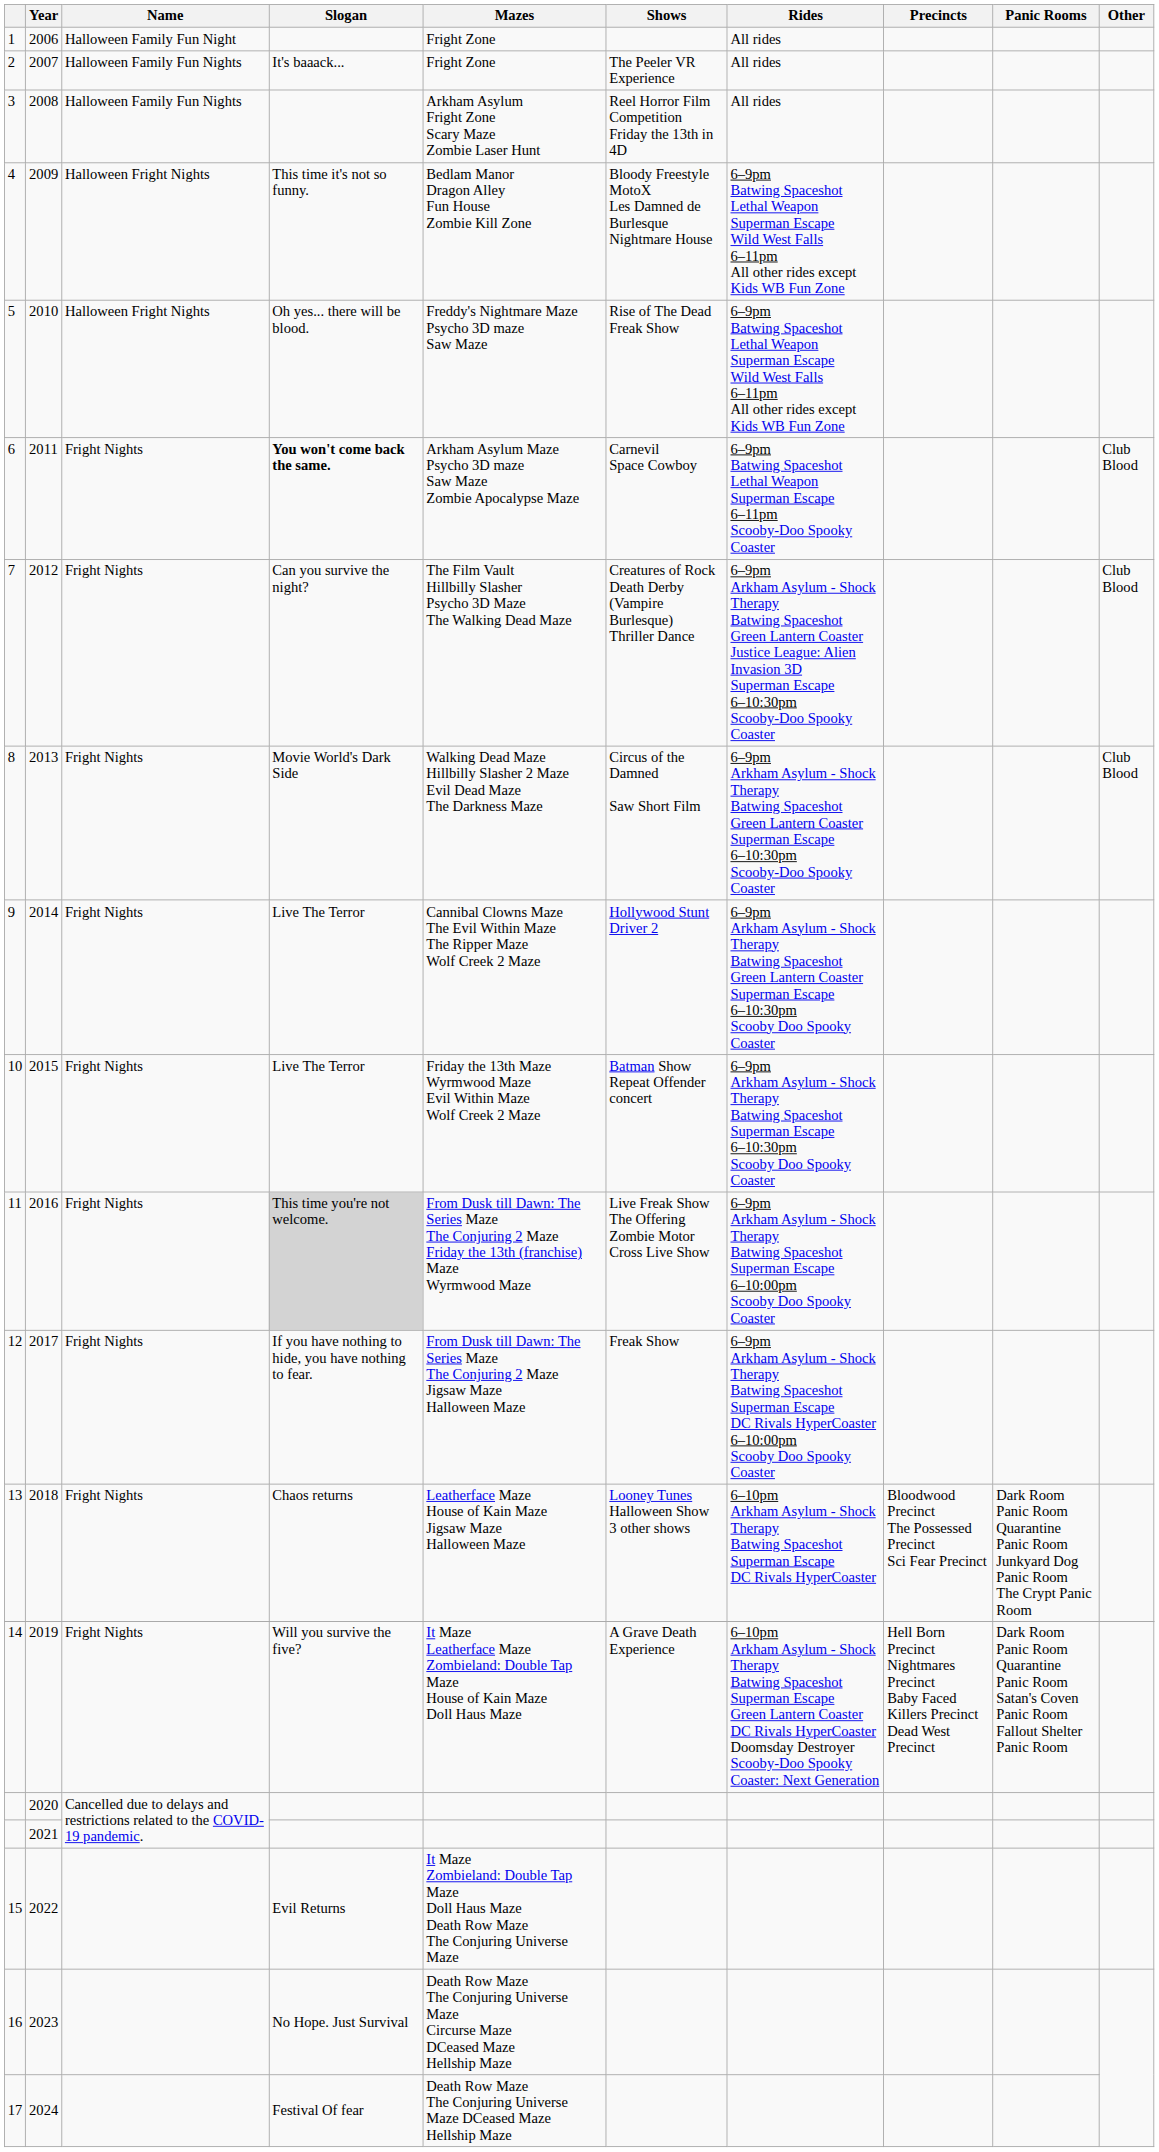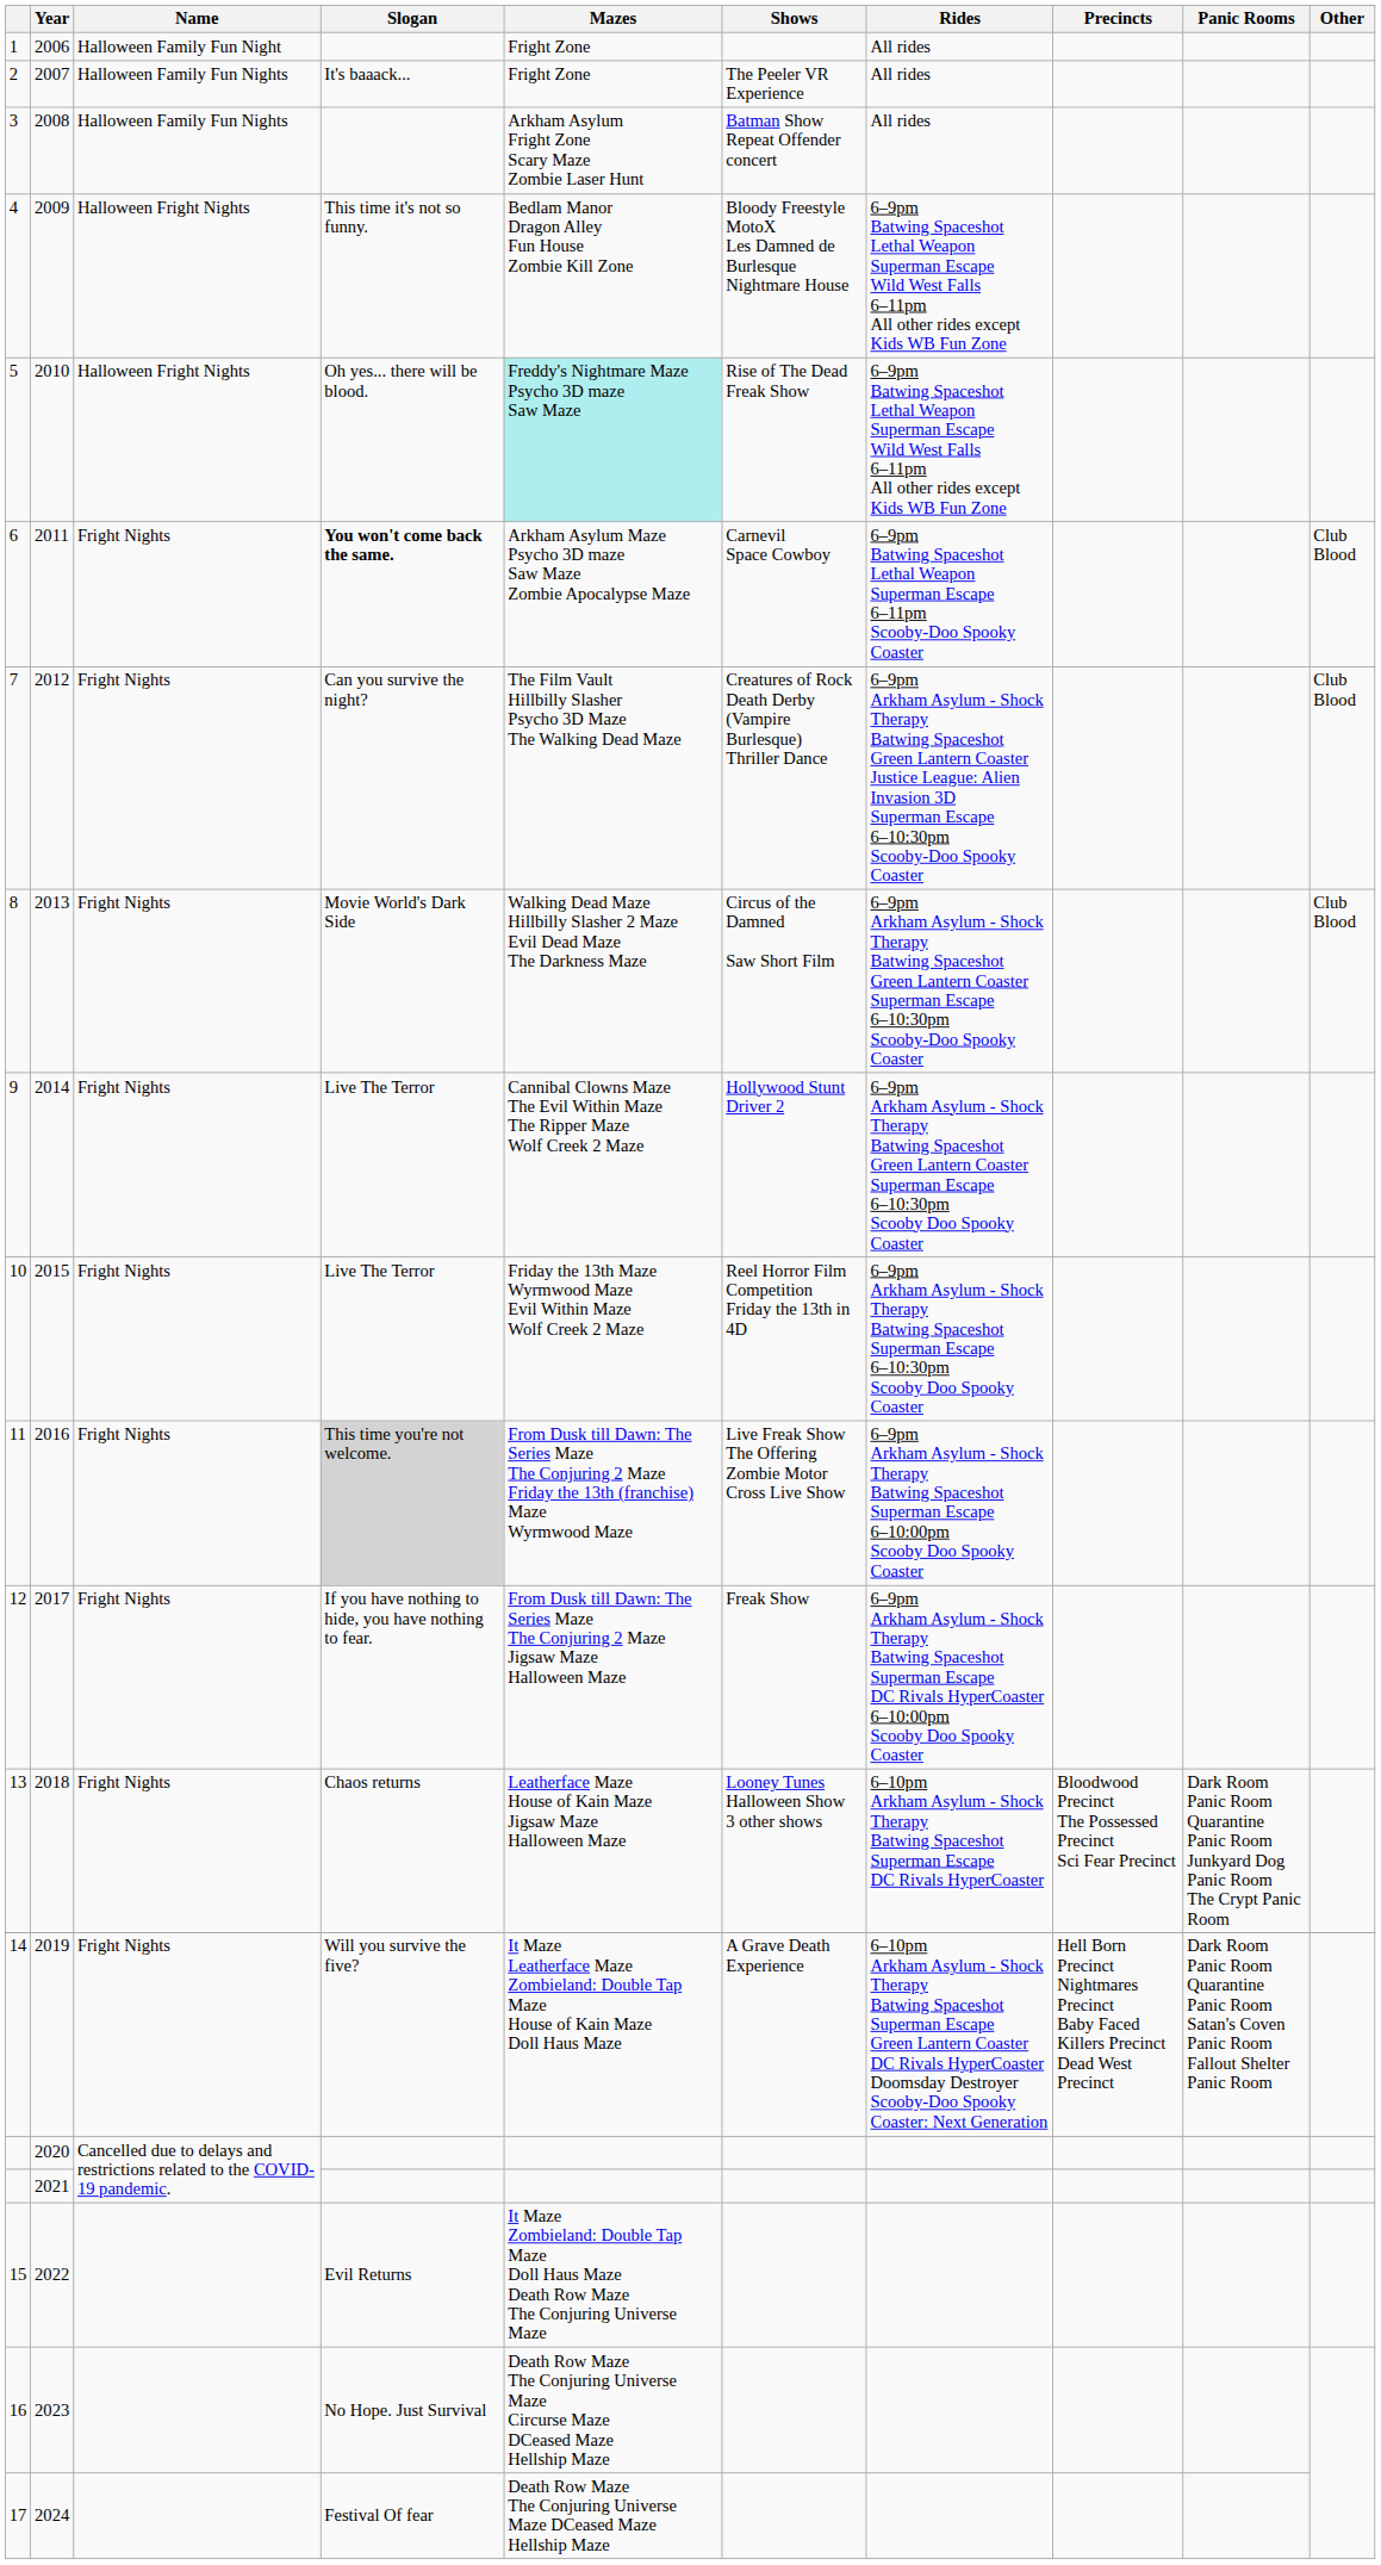 <table class="wikitable" style="width:100%;">
 <tr valign="top">
 <th></th>
 <th>Year</th>
 <th>Name</th>
 <th>Slogan</th>
 <th>Mazes</th>
 <th>Shows</th>
 <th>Rides</th>
 <th>Precincts</th>
 <th>Panic Rooms</th>
 <th>Other</th>
 </tr>
 <tr valign="top">
 <td>1</td>
 <td>2006</td>
 <td>Halloween Family Fun Night</td>
 <td></td>
 <td>Fright Zone</td>
 <td></td>
 <td>All rides</td>
 <td></td>
 <td></td>
 <td></td>
 </tr>
 <tr valign="top">
 <td>2</td>
 <td>2007</td>
 <td>Halloween Family Fun Nights</td>
 <td>It's baaack...</td>
 <td>Fright Zone</td>
 <td>The Peeler VR Experience</td>
 <td>All rides</td>
 <td></td>
 <td></td>
 <td></td>
 </tr>
 <tr valign="top">
 <td>3</td>
 <td>2008</td>
 <td>Halloween Family Fun Nights</td>
 <td></td>
 <td>Arkham Asylum<br>Fright Zone<br>Scary Maze<br>Zombie Laser Hunt</td>
-<td>Reel Horror Film Competition<br>Friday the 13th in 4D</td>
+<td><a href='#'>Batman</a> Show<br>Repeat Offender concert</td>
 <td>All rides</td>
 <td></td>
 <td></td>
 <td></td>
 </tr>
 <tr valign="top">
 <td>4</td>
 <td>2009</td>
 <td>Halloween Fright Nights</td>
 <td>This time it's not so funny.</td>
 <td>Bedlam Manor<br>Dragon Alley<br>Fun House<br>Zombie Kill Zone</td>
 <td>Bloody Freestyle MotoX<br>Les Damned de Burlesque<br>Nightmare House</td>
 <td><u>6–9pm</u><br><a href='#'>Batwing Spaceshot</a><br><a href='#'>Lethal Weapon</a><br><a href='#'>Superman Escape</a><br><a href='#'>Wild West Falls</a><br><u>6–11pm</u><br>All other rides except <a href='#'>Kids WB Fun Zone</a></td>
 <td></td>
 <td></td>
 <td></td>
 </tr>
 <tr valign="top">
 <td>5</td>
 <td>2010</td>
 <td>Halloween Fright Nights</td>
 <td>Oh yes... there will be blood.</td>
-<td>Freddy's Nightmare Maze<br>Psycho 3D maze<br>Saw Maze</td>
+<td style="background: paleturquoise;">Freddy's Nightmare Maze<br>Psycho 3D maze<br>Saw Maze</td>
 <td>Rise of The Dead<br>Freak Show</td>
 <td><u>6–9pm</u><br><a href='#'>Batwing Spaceshot</a><br><a href='#'>Lethal Weapon</a><br><a href='#'>Superman Escape</a><br><a href='#'>Wild West Falls</a><br><u>6–11pm</u><br>All other rides except <a href='#'>Kids WB Fun Zone</a></td>
 <td></td>
 <td></td>
 <td></td>
 </tr>
 <tr valign="top">
 <td>6</td>
 <td>2011</td>
 <td>Fright Nights</td>
 <td><strong>You won't come back the same.</strong></td>
 <td>Arkham Asylum Maze<br>Psycho 3D maze<br>Saw Maze<br>Zombie Apocalypse Maze</td>
 <td>Carnevil<br>Space Cowboy</td>
 <td><u>6–9pm</u><br><a href='#'>Batwing Spaceshot</a><br><a href='#'>Lethal Weapon</a><br><a href='#'>Superman Escape</a><br><u>6–11pm</u><br><a href='#'>Scooby-Doo Spooky Coaster</a></td>
 <td></td>
 <td></td>
 <td>Club Blood</td>
 </tr>
 <tr valign="top">
 <td>7</td>
 <td>2012</td>
 <td>Fright Nights</td>
 <td>Can you survive the night?</td>
 <td>The Film Vault<br>Hillbilly Slasher<br>Psycho 3D Maze<br>The Walking Dead Maze</td>
 <td>Creatures of Rock<br>Death Derby<br> (Vampire Burlesque)<br>Thriller Dance</td>
 <td><u>6–9pm</u><br><a href='#'>Arkham Asylum - Shock Therapy</a><br><a href='#'>Batwing Spaceshot</a><br><a href='#'>Green Lantern Coaster</a><br><a href='#'>Justice League: Alien Invasion 3D</a><br><a href='#'>Superman Escape</a><br><u>6–10:30pm</u><br><a href='#'>Scooby-Doo Spooky Coaster</a></td>
 <td></td>
 <td></td>
 <td>Club Blood</td>
 </tr>
 <tr valign="top">
 <td>8</td>
 <td>2013</td>
 <td>Fright Nights</td>
 <td>Movie World's Dark Side</td>
 <td>Walking Dead Maze<br>Hillbilly Slasher 2 Maze<br>Evil Dead Maze<br>The Darkness Maze</td>
 <td>Circus of the Damned<br><br>Saw Short Film</td>
 <td><u>6–9pm</u><br><a href='#'>Arkham Asylum - Shock Therapy</a><br><a href='#'>Batwing Spaceshot</a><br><a href='#'>Green Lantern Coaster</a><br><a href='#'>Superman Escape</a><br><u>6–10:30pm</u><br><a href='#'>Scooby-Doo Spooky Coaster</a></td>
 <td></td>
 <td></td>
 <td>Club Blood</td>
 </tr>
 <tr valign="top">
 <td>9</td>
 <td>2014</td>
 <td>Fright Nights</td>
 <td>Live The Terror</td>
 <td>Cannibal Clowns Maze<br>The Evil Within Maze<br>The Ripper Maze<br>Wolf Creek 2 Maze</td>
 <td><a href='#'>Hollywood Stunt Driver 2</a></td>
 <td><u>6–9pm</u><br><a href='#'>Arkham Asylum - Shock Therapy</a><br><a href='#'>Batwing Spaceshot</a><br><a href='#'>Green Lantern Coaster</a><br><a href='#'>Superman Escape</a><br><u>6–10:30pm</u><br><a href='#'>Scooby Doo Spooky Coaster</a></td>
 <td></td>
 <td></td>
 <td></td>
 </tr>
 <tr valign="top">
 <td>10</td>
 <td>2015</td>
 <td>Fright Nights</td>
 <td>Live The Terror</td>
 <td>Friday the 13th Maze<br>Wyrmwood Maze<br>Evil Within Maze<br>Wolf Creek 2 Maze</td>
-<td><a href='#'>Batman</a> Show<br>Repeat Offender concert</td>
+<td>Reel Horror Film Competition<br>Friday the 13th in 4D</td>
 <td><u>6–9pm</u><br><a href='#'>Arkham Asylum - Shock Therapy</a><br><a href='#'>Batwing Spaceshot</a><br><a href='#'>Superman Escape</a><br><u>6–10:30pm</u><br><a href='#'>Scooby Doo Spooky Coaster</a></td>
 <td></td>
 <td></td>
 <td></td>
 </tr>
 <tr valign="top">
 <td>11</td>
 <td>2016</td>
 <td>Fright Nights</td>
 <td style="background: lightgrey;">This time you're not welcome.</td>
 <td><a href='#'>From Dusk till Dawn: The Series</a> Maze<br><a href='#'>The Conjuring 2</a> Maze<br> <a href='#'>Friday the 13th (franchise)</a> Maze<br> Wyrmwood Maze</td>
 <td>Live Freak Show<br>The Offering<br>Zombie Motor Cross Live Show</td>
 <td><u>6–9pm</u><br><a href='#'>Arkham Asylum - Shock Therapy</a><br><a href='#'>Batwing Spaceshot</a><br><a href='#'>Superman Escape</a><br><u>6–10:00pm</u><br><a href='#'>Scooby Doo Spooky Coaster</a></td>
 <td></td>
 <td></td>
 <td></td>
 </tr>
 <tr valign="top">
 <td>12</td>
 <td>2017</td>
 <td>Fright Nights</td>
 <td>If you have nothing to hide, you have nothing to fear.</td>
 <td><a href='#'>From Dusk till Dawn: The Series</a> Maze<br><a href='#'>The Conjuring 2</a> Maze<br>Jigsaw Maze<br> Halloween Maze</td>
 <td>Freak Show</td>
 <td><u>6–9pm</u><br><a href='#'>Arkham Asylum - Shock Therapy</a><br><a href='#'>Batwing Spaceshot</a><br><a href='#'>Superman Escape</a><br><a href='#'>DC Rivals HyperCoaster</a><br><u>6–10:00pm</u><br><a href='#'>Scooby Doo Spooky Coaster</a></td>
 <td></td>
 <td></td>
 <td></td>
 </tr>
 <tr valign="top">
 <td>13</td>
 <td>2018</td>
 <td>Fright Nights</td>
 <td>Chaos returns</td>
 <td><a href='#'>Leatherface</a> Maze<br> House of Kain Maze<br> Jigsaw Maze<br> Halloween Maze</td>
 <td><a href='#'>Looney Tunes</a> Halloween Show<br>3 other shows</td>
 <td><u>6–10pm</u><br><a href='#'>Arkham Asylum - Shock Therapy</a><br><a href='#'>Batwing Spaceshot</a><br><a href='#'>Superman Escape</a><br><a href='#'>DC Rivals HyperCoaster</a></td>
 <td>Bloodwood Precinct<br>The Possessed Precinct<br>Sci Fear Precinct<br></td>
 <td>Dark Room Panic Room<br>Quarantine Panic Room<br>Junkyard Dog Panic Room<br>The Crypt Panic Room</td>
 <td></td>
 </tr>
 <tr>
 </tr>
 <tr valign="top">
 <td>14</td>
 <td>2019</td>
 <td>Fright Nights</td>
 <td>Will you survive the five?</td>
 <td><a href='#'>It</a> Maze<br> <a href='#'>Leatherface</a> Maze<br> <a href='#'>Zombieland: Double Tap</a> Maze<br> House of Kain Maze<br> Doll Haus Maze</td>
 <td>A Grave Death Experience</td>
 <td><u>6–10pm</u><br><a href='#'>Arkham Asylum - Shock Therapy</a><br><a href='#'>Batwing Spaceshot</a><br><a href='#'>Superman Escape</a><br><a href='#'>Green Lantern Coaster</a><br><a href='#'>DC Rivals HyperCoaster</a><br>Doomsday Destroyer<br><a href='#'>Scooby-Doo Spooky Coaster: Next Generation</a></td>
 <td>Hell Born Precinct<br>Nightmares Precinct<br>Baby Faced Killers Precinct<br>Dead West Precinct</td>
 <td>Dark Room Panic Room<br>Quarantine Panic Room<br>Satan's Coven Panic Room<br>Fallout Shelter Panic Room</td>
 <td></td>
 </tr>
 <tr>
 <td></td>
 <td>2020</td>
 <td rowspan="2">Cancelled due to delays and restrictions related to the <a href='#'>COVID-19 pandemic</a>.</td>
 <td></td>
 <td></td>
 <td></td>
 <td></td>
 <td></td>
 <td></td>
 <td></td>
 </tr>
 <tr>
 <td></td>
 <td>2021</td>
 <td></td>
 <td></td>
 <td></td>
 <td></td>
 <td></td>
 <td></td>
 <td></td>
 </tr>
 <tr>
 <td>15</td>
 <td>2022</td>
 <td></td>
 <td>Evil Returns</td>
 <td><a href='#'>It</a> Maze<br> <a href='#'>Zombieland: Double Tap</a> Maze<br> Doll Haus Maze <br> Death Row Maze <br> The Conjuring Universe Maze</td>
 <td></td>
 <td></td>
 <td></td>
 <td></td>
 <td></td>
 </tr>
 <tr>
 <td>16</td>
 <td>2023</td>
 <td></td>
 <td>No Hope. Just Survival</td>
 <td>Death Row Maze <br> The Conjuring Universe Maze <br> Circurse Maze <br> DCeased Maze <br> Hellship Maze</td>
 <td></td>
 <td></td>
 <td></td>
 <td></td>
 </tr>
 <tr>
 <td>17</td>
 <td>2024</td>
 <td></td>
 <td>Festival Of fear</td>
 <td>Death Row Maze<br>The Conjuring Universe Maze DCeased Maze Hellship Maze</td>
 <td></td>
 <td></td>
 <td></td>
 <td></td>
 </tr>
 </table>
